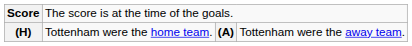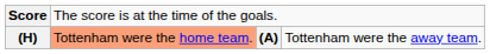 <table class="wikitable">
 <tr>
 <th>Score</th>
 <td colspan="3">The score is at the time of the goals.</td>
 </tr>
 <tr>
 <th>(H)</th>
-<td>Tottenham were the <a href='#'>home team</a>.</td>
+<td style="background: lightsalmon;">Tottenham were the <a href='#'>home team</a>.</td>
 <th>(A)</th>
 <td>Tottenham were the <a href='#'>away team</a>.</td>
 </tr>
 </table>
